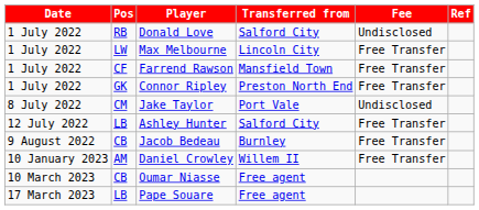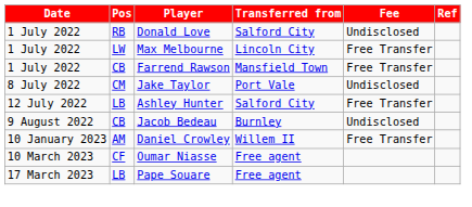 <table class="wikitable plainrowheaders sortable">
 <tr>
 <th style="background:#FF0000; color:#ffffff; ">Date</th>
 <th style="background:#FF0000; color:#ffffff; ">Pos</th>
 <th style="background:#FF0000; color:#ffffff; ">Player</th>
 <th style="background:#FF0000; color:#ffffff; ">Transferred from</th>
 <th style="background:#FF0000; color:#ffffff; ">Fee</th>
 <th style="background:#FF0000; color:#ffffff; ">Ref</th>
 </tr>
 <tr>
 <td>1 July 2022</td>
 <td><a href='#'>RB</a></td>
 <td> <a href='#'>Donald Love</a></td>
 <td> <a href='#'>Salford City</a></td>
 <td>Undisclosed</td>
 <td></td>
 </tr>
 <tr>
 <td>1 July 2022</td>
 <td><a href='#'>LW</a></td>
 <td> <a href='#'>Max Melbourne</a></td>
 <td> <a href='#'>Lincoln City</a></td>
 <td>Free Transfer</td>
 <td></td>
 </tr>
 <tr>
 <td>1 July 2022</td>
-<td><a href='#'>CF</a></td>
+<td><a href='#'>CB</a></td>
 <td> <a href='#'>Farrend Rawson</a></td>
 <td> <a href='#'>Mansfield Town</a></td>
-<td>Free Transfer</td>
-<td></td>
-</tr>
-<tr>
-<td>1 July 2022</td>
-<td><a href='#'>GK</a></td>
-<td> <a href='#'>Connor Ripley</a></td>
-<td> <a href='#'>Preston North End</a></td>
 <td>Free Transfer</td>
 <td></td>
 </tr>
 <tr>
 <td>8 July 2022</td>
 <td><a href='#'>CM</a></td>
 <td> <a href='#'>Jake Taylor</a></td>
 <td> <a href='#'>Port Vale</a></td>
 <td>Undisclosed</td>
 <td></td>
 </tr>
 <tr>
 <td>12 July 2022</td>
 <td><a href='#'>LB</a></td>
 <td> <a href='#'>Ashley Hunter</a></td>
 <td> <a href='#'>Salford City</a></td>
 <td>Free Transfer</td>
 <td></td>
 </tr>
 <tr>
 <td>9 August 2022</td>
 <td><a href='#'>CB</a></td>
 <td> <a href='#'>Jacob Bedeau</a></td>
 <td> <a href='#'>Burnley</a></td>
-<td>Free Transfer</td>
+<td>Undisclosed</td>
 <td></td>
 </tr>
 <tr>
 <td>10 January 2023</td>
 <td><a href='#'>AM</a></td>
 <td> <a href='#'>Daniel Crowley</a></td>
 <td> <a href='#'>Willem II</a></td>
 <td>Free Transfer</td>
 <td></td>
 </tr>
 <tr>
 <td>10 March 2023</td>
-<td><a href='#'>CB</a></td>
+<td><a href='#'>CF</a></td>
 <td> <a href='#'>Oumar Niasse</a></td>
 <td> <a href='#'>Free agent</a></td>
 <td></td>
 <td></td>
 </tr>
 <tr>
 <td>17 March 2023</td>
 <td><a href='#'>LB</a></td>
 <td> <a href='#'>Pape Souare</a></td>
 <td> <a href='#'>Free agent</a></td>
 <td></td>
 <td></td>
 </tr>
 </table>
